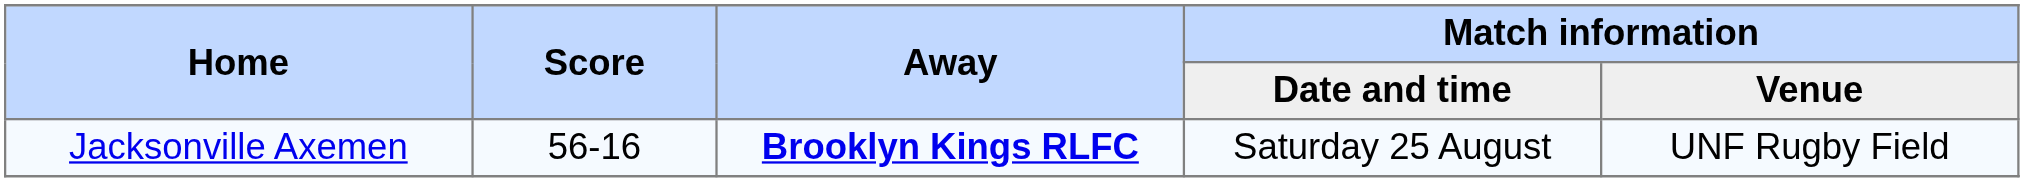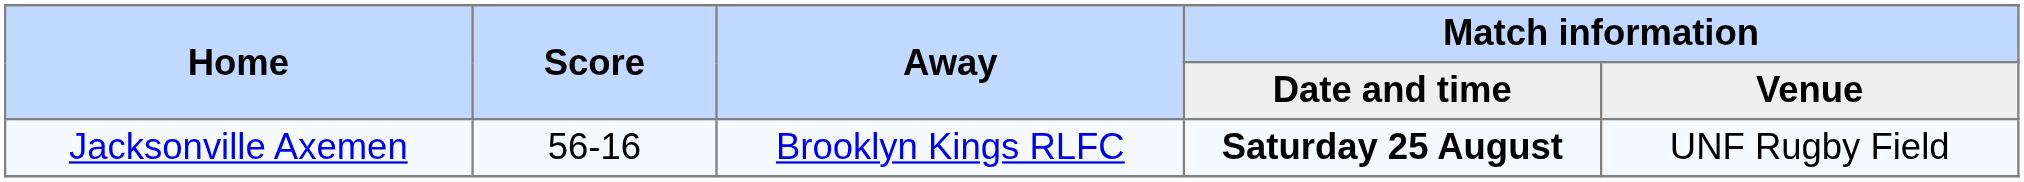 <table border="1" cellpadding="3" cellspacing="0" style="border-collapse:collapse; text-align:center; width:100%;">
 <tr style="background:#c1d8ff;">
 </tr>
 <tr style="background:#c1d8ff;">
 <th rowspan="2" style="width:19%;">Home</th>
 <th rowspan="2" style="width:10%;">Score</th>
 <th rowspan="2" style="width:19%;">Away</th>
 <th colspan=6>Match information</th>
 </tr>
 <tr style="background:#efefef;">
 <th width=17%>Date and time</th>
 <th width=17%>Venue</th>
 </tr>
 <tr style="text-align:center; background:#f5faff;">
 <td><a href='#'>Jacksonville Axemen</a></td>
 <td>56-16</td>
-<td><strong><a href='#'>Brooklyn Kings RLFC</a></strong></td>
-<td>Saturday 25 August</td>
+<td><a href='#'>Brooklyn Kings RLFC</a></td>
+<td><strong>Saturday 25 August</strong></td>
 <td>UNF Rugby Field</td>
 </tr>
 <tr>
 </tr>
 </table>
